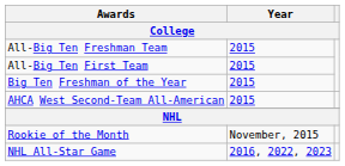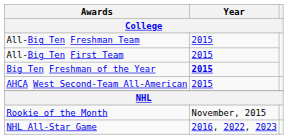 <table class="wikitable">
 <tr>
 <th>Awards</th>
 <th>Year</th>
 <th></th>
 </tr>
 <tr ALIGN="center" bgcolor="#e0e0e0">
 <th colspan="3"><a href='#'>College</a></th>
 </tr>
 <tr>
 <td>All-<a href='#'>Big Ten</a> <a href='#'>Freshman Team</a></td>
 <td><a href='#'>2015</a></td>
 <td rowspan="3"></td>
 </tr>
 <tr>
 <td>All-<a href='#'>Big Ten</a> <a href='#'>First Team</a></td>
 <td><a href='#'>2015</a></td>
 </tr>
 <tr>
 <td><a href='#'>Big Ten</a> <a href='#'>Freshman of the Year</a></td>
-<td><a href='#'>2015</a></td>
+<td><strong><a href='#'>2015</a></strong></td>
 </tr>
 <tr>
 <td><a href='#'>AHCA</a> <a href='#'>West Second-Team All-American</a></td>
 <td><a href='#'>2015</a></td>
 <td></td>
 </tr>
 <tr>
 </tr>
 <tr ALIGN="center" bgcolor="#e0e0e0">
 <th colspan="3"><a href='#'>NHL</a></th>
 </tr>
 <tr>
 <td><a href='#'>Rookie of the Month</a></td>
 <td>November, 2015</td>
 <td></td>
 </tr>
 <tr>
 <td><a href='#'>NHL All-Star Game</a></td>
 <td><a href='#'>2016</a>, <a href='#'>2022</a>,  <a href='#'>2023</a></td>
 <td></td>
 </tr>
 </table>
